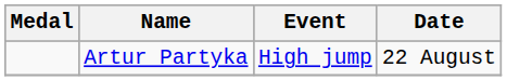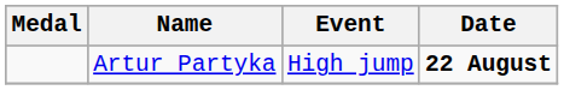 <table class="wikitable" style="font-size:90%">
 <tr>
 <th>Medal</th>
 <th>Name</th>
 <th>Event</th>
 <th>Date</th>
 </tr>
 <tr>
 <td></td>
 <td><a href='#'>Artur Partyka</a></td>
 <td><a href='#'>High jump</a></td>
-<td>22 August</td>
+<td><strong>22 August</strong></td>
 </tr>
 <tr>
 </tr>
 </table>
